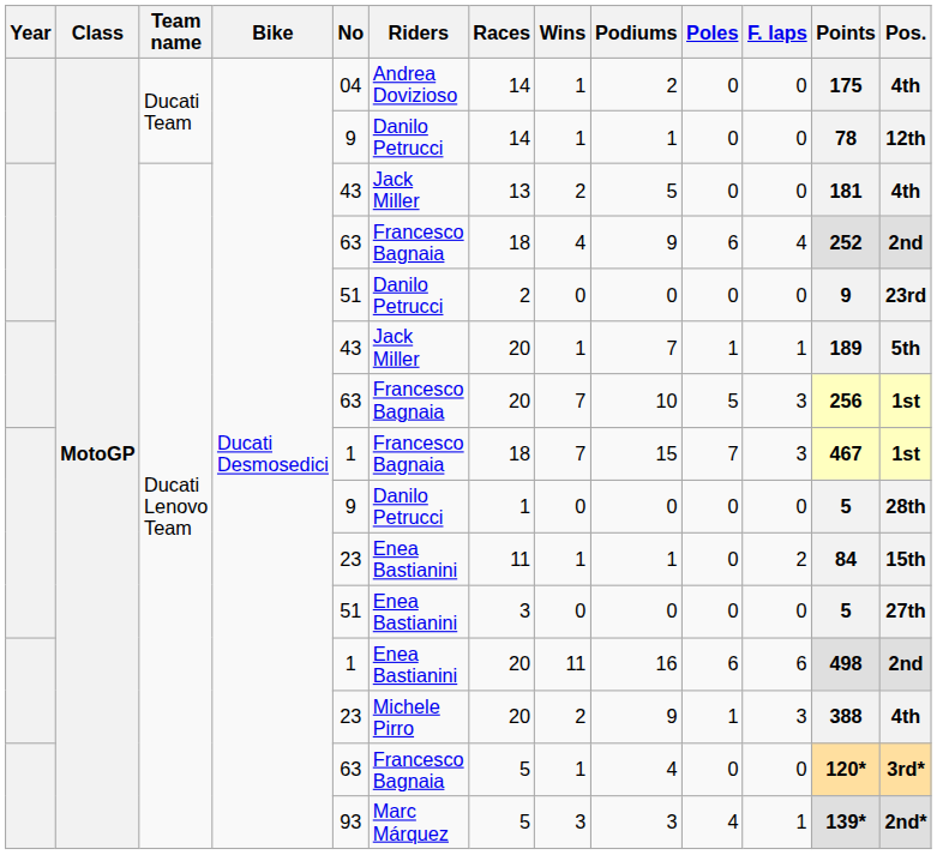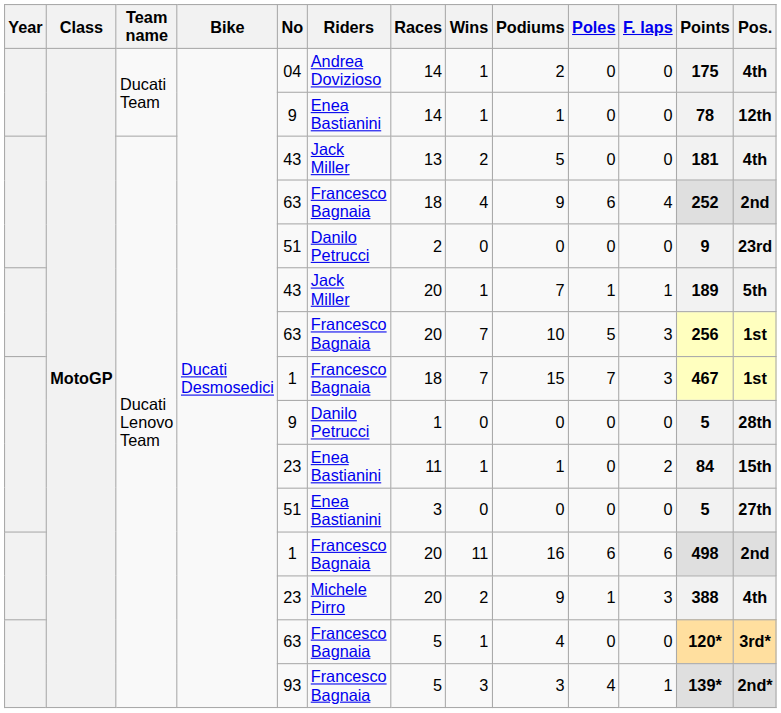 <table class="wikitable" style="text-align:right; font-size:95%;">
 <tr>
 <th scope="col">Year</th>
 <th scope="col">Class</th>
 <th scope="col">Team name</th>
 <th scope="col">Bike</th>
 <th scope="col">No</th>
 <th scope="col">Riders</th>
 <th scope="col">Races</th>
 <th scope="col">Wins</th>
 <th scope="col">Podiums</th>
 <th scope="col"><a href='#'>Poles</a></th>
 <th scope="col"><a href='#'>F. laps</a></th>
 <th scope="col">Points</th>
 <th scope="col">Pos.</th>
 </tr>
 <tr>
 <th rowspan="2" scope="row"></th>
 <th rowspan="15">MotoGP</th>
 <td rowspan="2" style="text-align:left;">Ducati Team</td>
 <td rowspan="15" style="text-align:left;"><a href='#'>Ducati Desmosedici</a></td>
 <td style="text-align:center;">04</td>
 <td style="text-align:left;"> <a href='#'>Andrea Dovizioso</a></td>
 <td>14</td>
 <td>1</td>
 <td>2</td>
 <td>0</td>
 <td>0</td>
 <th>175</th>
 <th>4th</th>
 </tr>
 <tr>
 <td style="text-align:center;">9</td>
-<td style="text-align:left;"> <a href='#'>Danilo Petrucci</a></td>
+<td style="text-align:left;"> <a href='#'>Enea Bastianini</a></td>
 <td>14</td>
 <td>1</td>
 <td>1</td>
 <td>0</td>
 <td>0</td>
 <th>78</th>
 <th>12th</th>
 </tr>
 <tr>
 <th rowspan="3" scope="row"></th>
 <td rowspan="13" style="text-align:left;">Ducati Lenovo Team</td>
 <td style="text-align:center;">43</td>
 <td style="text-align:left;"> <a href='#'>Jack Miller</a></td>
 <td>13</td>
 <td>2</td>
 <td>5</td>
 <td>0</td>
 <td>0</td>
 <th>181</th>
 <th>4th</th>
 </tr>
 <tr>
 <td style="text-align:center;">63</td>
 <td style="text-align:left;"> <a href='#'>Francesco Bagnaia</a></td>
 <td>18</td>
 <td>4</td>
 <td>9</td>
 <td>6</td>
 <td>4</td>
 <th style="background:#DFDFDF;">252</th>
 <th style="background:#DFDFDF;">2nd</th>
 </tr>
 <tr>
 <td style="text-align:center;">51</td>
 <td style="text-align:left;"> <a href='#'>Danilo Petrucci</a></td>
 <td>2</td>
 <td>0</td>
 <td>0</td>
 <td>0</td>
 <td>0</td>
 <th>9</th>
 <th>23rd</th>
 </tr>
 <tr>
 <th rowspan="2" scope="row"></th>
 <td style="text-align:center;">43</td>
 <td style="text-align:left;"> <a href='#'>Jack Miller</a></td>
 <td>20</td>
 <td>1</td>
 <td>7</td>
 <td>1</td>
 <td>1</td>
 <th>189</th>
 <th>5th</th>
 </tr>
 <tr>
 <td style="text-align:center;">63</td>
 <td style="text-align:left;"> <a href='#'>Francesco Bagnaia</a></td>
 <td>20</td>
 <td>7</td>
 <td>10</td>
 <td>5</td>
 <td>3</td>
 <th style="background:#FFFFBF;">256</th>
 <th style="background:#FFFFBF;">1st</th>
 </tr>
 <tr>
 <th rowspan="4" scope="row"></th>
 <td style="text-align:center;">1</td>
 <td style="text-align:left;"> <a href='#'>Francesco Bagnaia</a></td>
 <td>18</td>
 <td>7</td>
 <td>15</td>
 <td>7</td>
 <td>3</td>
 <th style="background:#FFFFBF;">467</th>
 <th style="background:#FFFFBF;">1st</th>
 </tr>
 <tr>
 <td style="text-align:center;">9</td>
 <td style="text-align:left;"> <a href='#'>Danilo Petrucci</a></td>
 <td>1</td>
 <td>0</td>
 <td>0</td>
 <td>0</td>
 <td>0</td>
 <th>5</th>
 <th>28th</th>
 </tr>
 <tr>
 <td style="text-align:center;">23</td>
 <td style="text-align:left;"> <a href='#'>Enea Bastianini</a></td>
 <td>11</td>
 <td>1</td>
 <td>1</td>
 <td>0</td>
 <td>2</td>
 <th>84</th>
 <th>15th</th>
 </tr>
 <tr>
 <td style="text-align:center;">51</td>
 <td style="text-align:left;"> <a href='#'>Enea Bastianini</a></td>
 <td>3</td>
 <td>0</td>
 <td>0</td>
 <td>0</td>
 <td>0</td>
 <th>5</th>
 <th>27th</th>
 </tr>
 <tr>
 <th rowspan="2" scope="row"></th>
 <td style="text-align:center;">1</td>
-<td style="text-align:left;"> <a href='#'>Enea Bastianini</a></td>
+<td style="text-align:left;"> <a href='#'>Francesco Bagnaia</a></td>
 <td>20</td>
 <td>11</td>
 <td>16</td>
 <td>6</td>
 <td>6</td>
 <th style="background:#DFDFDF;">498</th>
 <th style="background:#DFDFDF;">2nd</th>
 </tr>
 <tr>
 <td style="text-align:center;">23</td>
 <td style="text-align:left;"> <a href='#'>Michele Pirro</a></td>
 <td>20</td>
 <td>2</td>
 <td>9</td>
 <td>1</td>
 <td>3</td>
 <th>388</th>
 <th>4th</th>
 </tr>
 <tr>
 <th rowspan="2" scope="row"></th>
 <td style="text-align:center;">63</td>
 <td style="text-align:left;"> <a href='#'>Francesco Bagnaia</a></td>
 <td>5</td>
 <td>1</td>
 <td>4</td>
 <td>0</td>
 <td>0</td>
 <th style="background:#FFDF9F;">120*</th>
 <th style="background:#FFDF9F;">3rd*</th>
 </tr>
 <tr>
 <td style="text-align:center;">93</td>
-<td style="text-align:left;"> <a href='#'>Marc Márquez</a></td>
+<td style="text-align:left;"> <a href='#'>Francesco Bagnaia</a></td>
 <td>5</td>
 <td>3</td>
 <td>3</td>
 <td>4</td>
 <td>1</td>
 <th style="background:#DFDFDF;">139*</th>
 <th style="background:#DFDFDF;">2nd*</th>
 </tr>
 </table>
